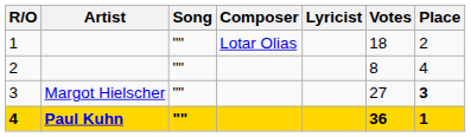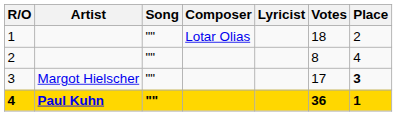 <table class="wikitable">
 <tr>
 <th>R/O</th>
 <th>Artist</th>
 <th>Song</th>
 <th>Composer</th>
 <th>Lyricist</th>
 <th>Votes</th>
 <th>Place</th>
 </tr>
 <tr>
 <td>1</td>
 <td></td>
 <td>""</td>
 <td><a href='#'>Lotar Olias</a></td>
 <td></td>
 <td>18</td>
 <td>2</td>
 </tr>
 <tr>
 <td>2</td>
 <td></td>
 <td>""</td>
 <td></td>
 <td></td>
 <td>8</td>
 <td>4</td>
 </tr>
 <tr>
 <td>3</td>
 <td><a href='#'>Margot Hielscher</a></td>
 <td>""</td>
 <td></td>
 <td></td>
-<td>27</td>
+<td>17</td>
 <td><strong>3</strong></td>
 </tr>
 <tr style="font-weight:bold; background:gold;">
 <td>4</td>
 <td><a href='#'>Paul Kuhn</a></td>
 <td>""</td>
 <td></td>
 <td></td>
 <td>36</td>
 <td>1</td>
 </tr>
 </table>
